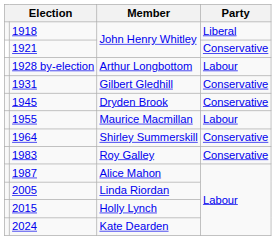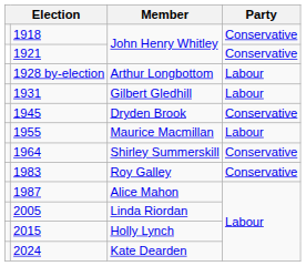 <table class="wikitable sortable">
 <tr>
 <th colspan="2">Election</th>
 <th>Member</th>
 <th>Party</th>
 </tr>
 <tr>
 <td style="color:inherit;background-color: "></td>
 <td><a href='#'>1918</a></td>
 <td rowspan="2"><a href='#'>John Henry Whitley</a></td>
-<td><a href='#'>Liberal</a></td>
+<td><a href='#'>Conservative</a></td>
 </tr>
 <tr>
 <td style="color:inherit;background-color: white"></td>
 <td><a href='#'>1921</a></td>
 <td><a href='#'>Conservative</a></td>
 </tr>
 <tr>
 <td style="color:inherit;background-color: "></td>
 <td><a href='#'>1928 by-election</a></td>
 <td><a href='#'>Arthur Longbottom</a></td>
 <td><a href='#'>Labour</a></td>
 </tr>
 <tr>
 <td style="color:inherit;background-color: "></td>
 <td><a href='#'>1931</a></td>
 <td><a href='#'>Gilbert Gledhill</a></td>
-<td><a href='#'>Conservative</a></td>
+<td><a href='#'>Labour</a></td>
 </tr>
 <tr>
 <td style="color:inherit;background-color: "></td>
 <td><a href='#'>1945</a></td>
 <td><a href='#'>Dryden Brook</a></td>
 <td><a href='#'>Conservative</a></td>
 </tr>
 <tr>
 <td style="color:inherit;background-color: "></td>
 <td><a href='#'>1955</a></td>
 <td><a href='#'>Maurice Macmillan</a></td>
 <td><a href='#'>Labour</a></td>
 </tr>
 <tr>
 <td style="color:inherit;background-color: "></td>
 <td><a href='#'>1964</a></td>
 <td><a href='#'>Shirley Summerskill</a></td>
 <td><a href='#'>Conservative</a></td>
 </tr>
 <tr>
 <td style="color:inherit;background-color: "></td>
 <td><a href='#'>1983</a></td>
 <td><a href='#'>Roy Galley</a></td>
 <td><a href='#'>Conservative</a></td>
 </tr>
 <tr>
 <td style="color:inherit;background-color: "></td>
 <td><a href='#'>1987</a></td>
 <td><a href='#'>Alice Mahon</a></td>
 <td rowspan="4"><a href='#'>Labour</a></td>
 </tr>
 <tr>
 <td style="color:inherit;background-color: "></td>
 <td><a href='#'>2005</a></td>
 <td><a href='#'>Linda Riordan</a></td>
 </tr>
 <tr>
 <td style="color:inherit;background-color: "></td>
 <td><a href='#'>2015</a></td>
 <td><a href='#'>Holly Lynch</a></td>
 </tr>
 <tr>
 <td style="color:inherit;background-color: "></td>
 <td><a href='#'>2024</a></td>
 <td><a href='#'>Kate Dearden</a></td>
 </tr>
 </table>
